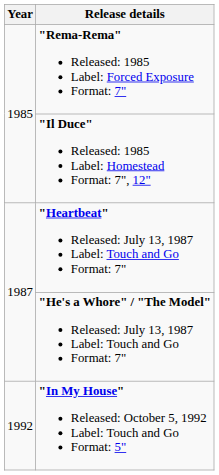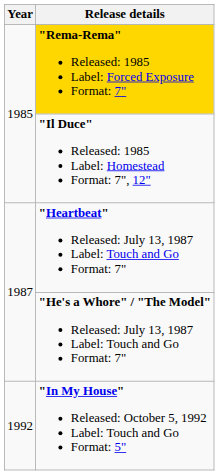 <table class ="wikitable">
 <tr>
 <th>Year</th>
 <th>Release details</th>
 </tr>
 <tr>
 <td rowspan="2">1985</td>
-<td><strong>"Rema-Rema"</strong><br><ul><li>Released: 1985</li><li>Label: <a href='#'>Forced Exposure</a></li><li>Format: <a href='#'>7"</a></li></ul></td>
+<td style="background: gold;"><strong>"Rema-Rema"</strong><br><ul><li>Released: 1985</li><li>Label: <a href='#'>Forced Exposure</a></li><li>Format: <a href='#'>7"</a></li></ul></td>
 </tr>
 <tr>
 <td><strong>"Il Duce"</strong><br><ul><li>Released: 1985</li><li>Label: <a href='#'>Homestead</a></li><li>Format: 7", <a href='#'>12"</a></li></ul></td>
 </tr>
 <tr>
 <td rowspan="2">1987</td>
 <td><strong>"<a href='#'>Heartbeat</a>"</strong><br><ul><li>Released: July 13, 1987</li><li>Label: <a href='#'>Touch and Go</a></li><li>Format: 7"</li></ul></td>
 </tr>
 <tr>
 <td><strong>"He's a Whore" / "The Model"</strong><br><ul><li>Released: July 13, 1987</li><li>Label: Touch and Go</li><li>Format: 7"</li></ul></td>
 </tr>
 <tr>
 <td>1992</td>
 <td><strong>"<a href='#'>In My House</a>"</strong><br><ul><li>Released: October 5, 1992</li><li>Label: Touch and Go</li><li>Format: <a href='#'>5"</a></li></ul></td>
 </tr>
 </table>
